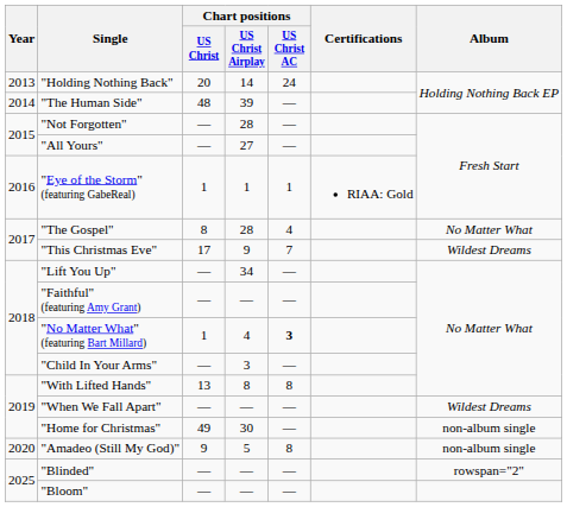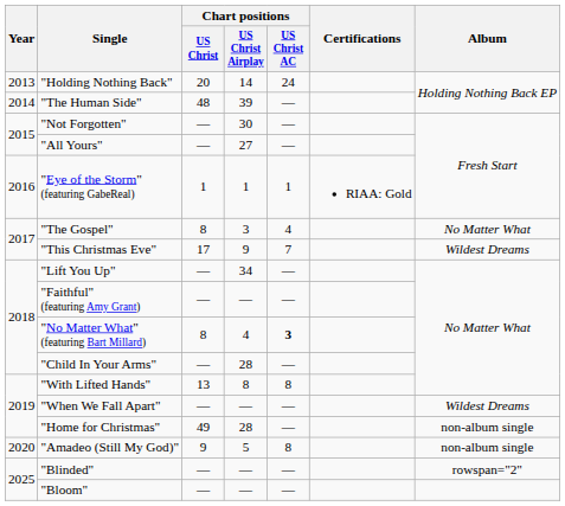 <table class="wikitable" style="text-align:center;">
 <tr>
 <th rowspan="2">Year</th>
 <th rowspan="2">Single</th>
 <th colspan="3">Chart positions</th>
 <th rowspan="2">Certifications</th>
 <th rowspan="2">Album</th>
 </tr>
 <tr style="font-size:smaller;">
 <th width="45"><a href='#'>US<br>Christ</a><br></th>
 <th width="45"><a href='#'>US<br>Christ Airplay</a><br></th>
 <th width="45"><a href='#'>US<br>Christ AC</a><br></th>
 </tr>
 <tr>
 <td>2013</td>
 <td align="left">"Holding Nothing Back"</td>
 <td>20</td>
 <td>14</td>
 <td>24</td>
 <td></td>
 <td rowspan="2"><em>Holding Nothing Back EP</em></td>
 </tr>
 <tr>
 <td>2014</td>
 <td align="left">"The Human Side"</td>
 <td>48</td>
 <td>39</td>
 <td>—</td>
 <td></td>
 </tr>
 <tr>
 <td rowspan="2">2015</td>
 <td align="left">"Not Forgotten"<br></td>
 <td>—</td>
-<td>28</td>
+<td>30</td>
 <td>—</td>
 <td></td>
 <td rowspan="3"><em>Fresh Start</em></td>
 </tr>
 <tr>
 <td align="left">"All Yours"</td>
 <td>—</td>
 <td>27</td>
 <td>—</td>
 <td></td>
 </tr>
 <tr>
 <td>2016</td>
 <td align="left">"<a href='#'>Eye of the Storm</a>"<br><small>(featuring GabeReal)</small></td>
 <td>1</td>
 <td>1</td>
 <td>1</td>
 <td><br><ul><li>RIAA: Gold</li></ul></td>
 </tr>
 <tr>
 <td rowspan="2">2017</td>
 <td align="left">"The Gospel"</td>
 <td>8</td>
-<td>28</td>
+<td>3</td>
 <td>4</td>
 <td></td>
 <td rowspan="1"><em>No Matter What</em></td>
 </tr>
 <tr>
 <td align="left">"This Christmas Eve"</td>
 <td>17</td>
 <td>9</td>
 <td>7</td>
 <td></td>
 <td><em>Wildest Dreams</em></td>
 </tr>
 <tr>
 <td rowspan="4">2018</td>
 <td align="left">"Lift You Up"</td>
 <td>—</td>
 <td>34</td>
 <td>—</td>
 <td></td>
 <td rowspan="5"><em>No Matter What</em></td>
 </tr>
 <tr>
 <td align="left">"Faithful" <small><br>(featuring <a href='#'>Amy Grant</a>)</small></td>
 <td>—</td>
 <td>—</td>
 <td>—</td>
 <td></td>
 </tr>
 <tr>
 <td align="left">"<a href='#'>No Matter What</a>" <br><small>(featuring <a href='#'>Bart Millard</a>)</small></td>
-<td>1</td>
+<td>8</td>
 <td>4</td>
 <td><strong>3</strong></td>
 <td></td>
 </tr>
 <tr>
 <td align="left">"Child In Your Arms"</td>
 <td>—</td>
-<td>3</td>
+<td>28</td>
 <td>—</td>
 <td></td>
 </tr>
 <tr>
 <td rowspan="3">2019</td>
 <td align="left">"With Lifted Hands"</td>
 <td>13</td>
 <td>8</td>
 <td>8</td>
 <td></td>
 </tr>
 <tr>
 <td align="left">"When We Fall Apart"</td>
 <td>—</td>
 <td>—</td>
 <td>—</td>
 <td></td>
 <td><em>Wildest Dreams</em></td>
 </tr>
 <tr>
 <td align="left">"Home for Christmas"</td>
 <td>49</td>
-<td>30</td>
+<td>28</td>
 <td>—</td>
 <td></td>
 <td>non-album single</td>
 </tr>
 <tr>
 <td>2020</td>
 <td align="left">"Amadeo (Still My God)"</td>
 <td>9</td>
 <td>5</td>
 <td>8</td>
 <td></td>
 <td>non-album single</td>
 </tr>
 <tr>
 <td rowspan="2">2025</td>
 <td align="left">"Blinded"</td>
 <td>—</td>
 <td>—</td>
 <td>—</td>
 <td></td>
 <td>rowspan="2" </td>
 </tr>
 <tr>
 <td align="left">"Bloom"</td>
 <td>—</td>
 <td>—</td>
 <td>—</td>
 <td></td>
 </tr>
 </table>
